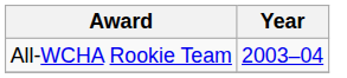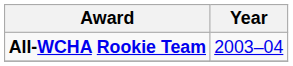 <table class="wikitable">
 <tr>
 <th>Award</th>
 <th>Year</th>
 </tr>
 <tr>
-<td>All-<a href='#'>WCHA</a> <a href='#'>Rookie Team</a></td>
+<td><strong>All-<a href='#'>WCHA</a> <a href='#'>Rookie Team</a></strong></td>
 <td><a href='#'>2003–04</a></td>
 </tr>
 <tr>
 </tr>
 </table>
